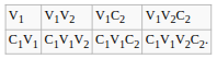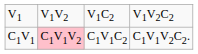 <table class="wikitable" style="margin: 1em auto;">
 <tr>
 <td>V<sub>1</sub></td>
 <td>V<sub>1</sub>V<sub>2</sub></td>
 <td>V<sub>1</sub>C<sub>2</sub></td>
 <td>V<sub>1</sub>V<sub>2</sub>C<sub>2</sub></td>
 </tr>
 <tr>
 <td>C<sub>1</sub>V<sub>1</sub></td>
-<td>C<sub>1</sub>V<sub>1</sub>V<sub>2</sub></td>
+<td style="background: pink;">C<sub>1</sub>V<sub>1</sub>V<sub>2</sub></td>
 <td>C<sub>1</sub>V<sub>1</sub>C<sub>2</sub></td>
 <td>C<sub>1</sub>V<sub>1</sub>V<sub>2</sub>C<sub>2</sub>.</td>
 </tr>
 </table>
